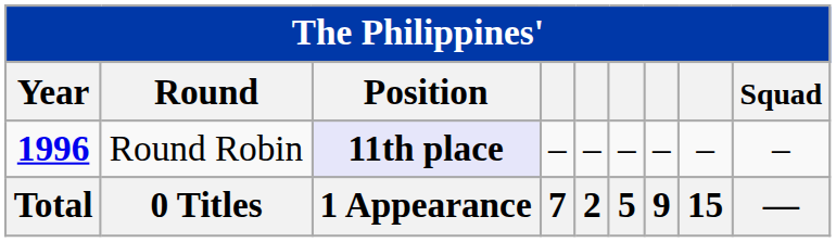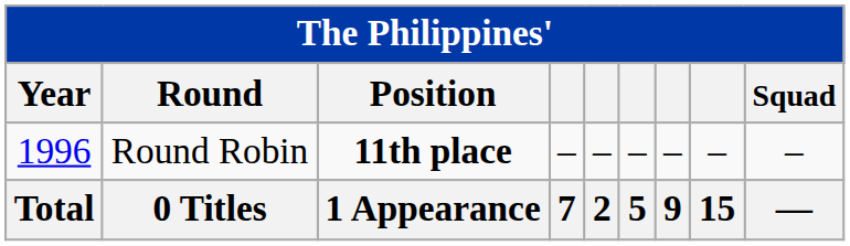 <table class="wikitable" style="text-align: center;">
 <tr>
 <th colspan=9 style="background:#0038A8; color: #FFFFFF;">The Philippines' <a href='#'></a></th>
 </tr>
 <tr>
 <th>Year</th>
 <th>Round</th>
 <th>Position</th>
 <th></th>
 <th></th>
 <th></th>
 <th></th>
 <th></th>
 <th><small>Squad</small></th>
 </tr>
 <tr>
-<td><strong> <a href='#'>1996</a></strong></td>
+<td> <a href='#'>1996</a></td>
 <td>Round Robin</td>
-<td style="background: lavender;"><strong>11th place</strong></td>
+<td><strong>11th place</strong></td>
 <td>–</td>
 <td>–</td>
 <td>–</td>
 <td>–</td>
 <td>–</td>
 <td>–</td>
 </tr>
 <tr>
 <th>Total</th>
 <th>0 Titles</th>
 <th>1 Appearance</th>
 <th>7</th>
 <th>2</th>
 <th>5</th>
 <th>9</th>
 <th>15</th>
 <th>—</th>
 </tr>
 </table>
